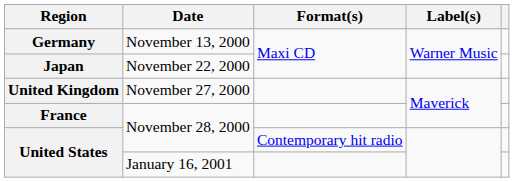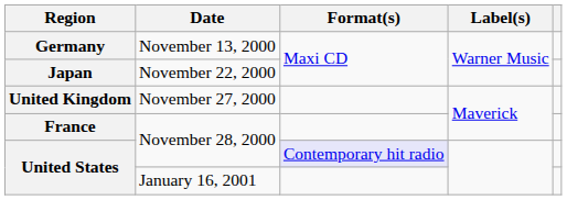 <table class="wikitable plainrowheaders">
 <tr>
 <th scope="col">Region</th>
 <th scope="col">Date</th>
 <th scope="col">Format(s)</th>
 <th scope="col">Label(s)</th>
 <th scope="col"></th>
 </tr>
 <tr>
 <th scope="row">Germany</th>
 <td>November 13, 2000</td>
 <td rowspan="2"><a href='#'>Maxi CD</a></td>
 <td rowspan="2"><a href='#'>Warner Music</a></td>
 <td></td>
 </tr>
 <tr>
 <th scope="row">Japan</th>
 <td>November 22, 2000</td>
 <td></td>
 </tr>
 <tr>
 <th scope="row">United Kingdom</th>
 <td>November 27, 2000</td>
 <td></td>
 <td rowspan="2"><a href='#'>Maverick</a></td>
 <td></td>
 </tr>
 <tr>
 <th scope="row">France</th>
 <td rowspan="2">November 28, 2000</td>
 <td></td>
 <td></td>
 </tr>
 <tr>
 <th scope="row" rowspan="2">United States</th>
-<td><a href='#'>Contemporary hit radio</a></td>
+<td style="background: lavender;"><a href='#'>Contemporary hit radio</a></td>
 <td rowspan="2"></td>
 <td></td>
 </tr>
 <tr>
 <td>January 16, 2001</td>
 <td></td>
 <td></td>
 </tr>
 </table>
